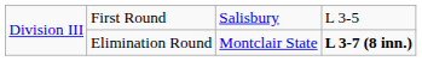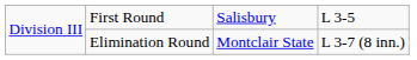 <table class="wikitable">
 <tr>
 <td rowspan="2"><a href='#'>Division III</a></td>
 <td>First Round</td>
 <td><a href='#'>Salisbury</a></td>
 <td>L 3-5</td>
 </tr>
 <tr>
 <td>Elimination Round</td>
 <td><a href='#'>Montclair State</a></td>
-<td><strong>L 3-7 (8 inn.)</strong></td>
+<td>L 3-7 (8 inn.)</td>
 </tr>
 </table>
